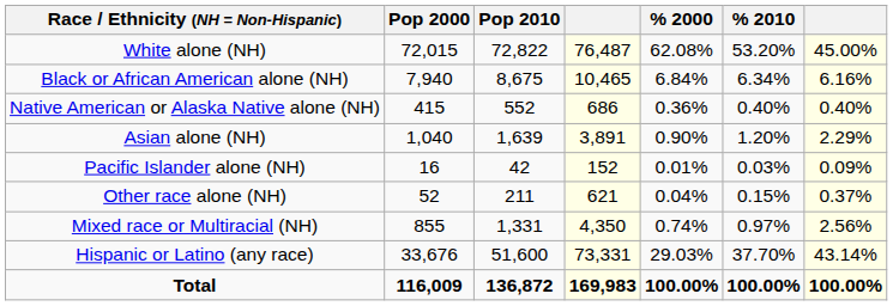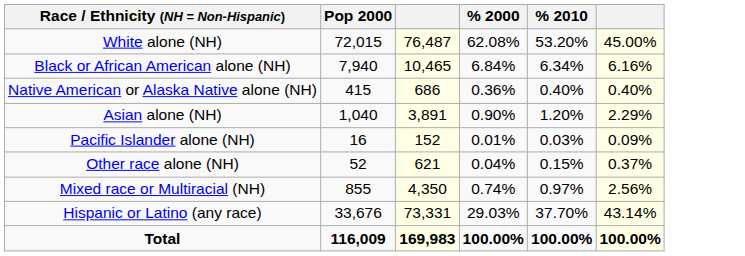 <table class="wikitable" style="text-align:center;">
 <tr>
 <th>Race / Ethnicity <small>(<em>NH = Non-Hispanic</em>)</small></th>
 <th>Pop 2000</th>
-<th>Pop 2010</th>
 <th></th>
 <th>% 2000</th>
 <th>% 2010</th>
 <th></th>
 </tr>
 <tr>
 <td><a href='#'>White</a> alone (NH)</td>
 <td>72,015</td>
-<td>72,822</td>
 <td style='background: #ffffe6;'>76,487</td>
 <td>62.08%</td>
 <td>53.20%</td>
 <td style='background: #ffffe6;'>45.00%</td>
 </tr>
 <tr>
 <td><a href='#'>Black or African American</a> alone (NH)</td>
 <td>7,940</td>
-<td>8,675</td>
 <td style='background: #ffffe6;'>10,465</td>
 <td>6.84%</td>
 <td>6.34%</td>
 <td style='background: #ffffe6;'>6.16%</td>
 </tr>
 <tr>
 <td><a href='#'>Native American</a> or <a href='#'>Alaska Native</a> alone (NH)</td>
 <td>415</td>
-<td>552</td>
 <td style='background: #ffffe6;'>686</td>
 <td>0.36%</td>
 <td>0.40%</td>
 <td style='background: #ffffe6;'>0.40%</td>
 </tr>
 <tr>
 <td><a href='#'>Asian</a> alone (NH)</td>
 <td>1,040</td>
-<td>1,639</td>
 <td style='background: #ffffe6;'>3,891</td>
 <td>0.90%</td>
 <td>1.20%</td>
 <td style='background: #ffffe6;'>2.29%</td>
 </tr>
 <tr>
 <td><a href='#'>Pacific Islander</a> alone (NH)</td>
 <td>16</td>
-<td>42</td>
 <td style='background: #ffffe6;'>152</td>
 <td>0.01%</td>
 <td>0.03%</td>
 <td style='background: #ffffe6;'>0.09%</td>
 </tr>
 <tr>
 <td><a href='#'>Other race</a> alone (NH)</td>
 <td>52</td>
-<td>211</td>
 <td style='background: #ffffe6;'>621</td>
 <td>0.04%</td>
 <td>0.15%</td>
 <td style='background: #ffffe6;'>0.37%</td>
 </tr>
 <tr>
 <td><a href='#'>Mixed race or Multiracial</a> (NH)</td>
 <td>855</td>
-<td>1,331</td>
 <td style='background: #ffffe6;'>4,350</td>
 <td>0.74%</td>
 <td>0.97%</td>
 <td style='background: #ffffe6;'>2.56%</td>
 </tr>
 <tr>
 <td><a href='#'>Hispanic or Latino</a> (any race)</td>
 <td>33,676</td>
-<td>51,600</td>
 <td style='background: #ffffe6;'>73,331</td>
 <td>29.03%</td>
 <td>37.70%</td>
 <td style='background: #ffffe6;'>43.14%</td>
 </tr>
 <tr>
 <td><strong>Total</strong></td>
 <td><strong>116,009</strong></td>
-<td><strong>136,872</strong></td>
 <td style='background: #ffffe6;'><strong>169,983</strong></td>
 <td><strong>100.00%</strong></td>
 <td><strong>100.00%</strong></td>
 <td style='background: #ffffe6;'><strong>100.00%</strong></td>
 </tr>
 </table>
